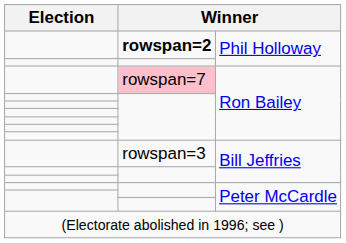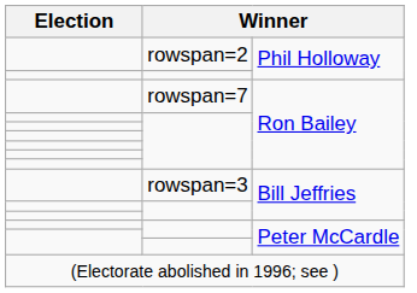 <table class=wikitable>
 <tr>
 <th width=100>Election</th>
 <th width=175 colspan=2>Winner</th>
 </tr>
 <tr>
 <td></td>
-<td><strong>rowspan=2 </strong></td>
+<td>rowspan=2 </td>
 <td rowspan=2><a href='#'>Phil Holloway</a></td>
 </tr>
 <tr>
 <td></td>
 </tr>
 <tr>
 <td></td>
-<td style="background: pink;">rowspan=7 </td>
+<td>rowspan=7 </td>
 <td rowspan=7><a href='#'>Ron Bailey</a></td>
 </tr>
 <tr>
 <td></td>
 </tr>
 <tr>
 <td></td>
 </tr>
 <tr>
 <td></td>
 </tr>
 <tr>
 <td></td>
 </tr>
 <tr>
 <td></td>
 </tr>
 <tr>
 <td></td>
 </tr>
 <tr>
 <td></td>
 <td>rowspan=3 </td>
 <td rowspan=3><a href='#'>Bill Jeffries</a></td>
 </tr>
 <tr>
 <td></td>
 </tr>
 <tr>
 <td></td>
 </tr>
 <tr>
 <td></td>
 <td style="border-bottom:solid 0 grey; background:"></td>
 <td rowspan = 3><a href='#'>Peter McCardle</a></td>
 </tr>
 <tr>
 <td rowspan = 2></td>
 <td style="border-top:solid 0 grey; background:"></td>
 </tr>
 <tr>
 <td height=5 style="border-top:solid 0 grey; background:"></td>
 </tr>
 <tr>
 <td colspan=3 align=center><small>(Electorate abolished in 1996; see )</small></td>
 </tr>
 </table>
